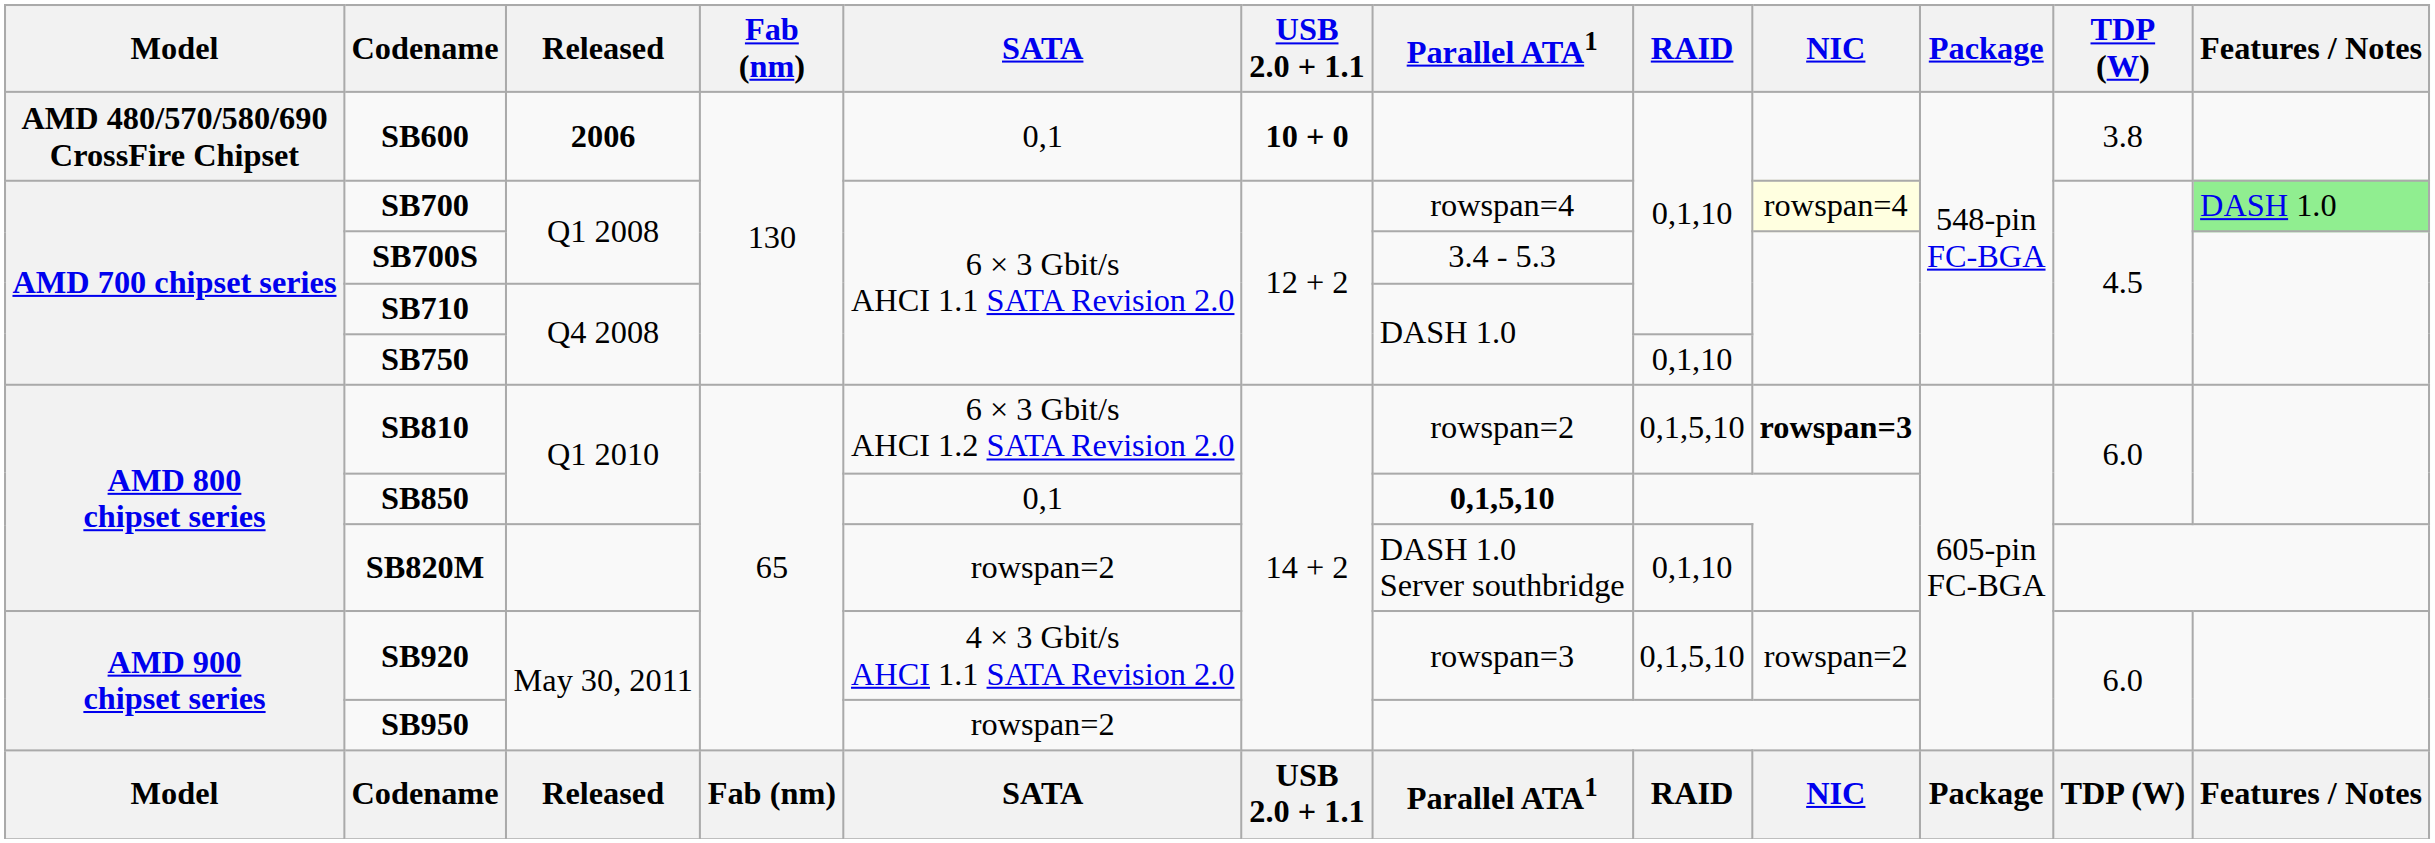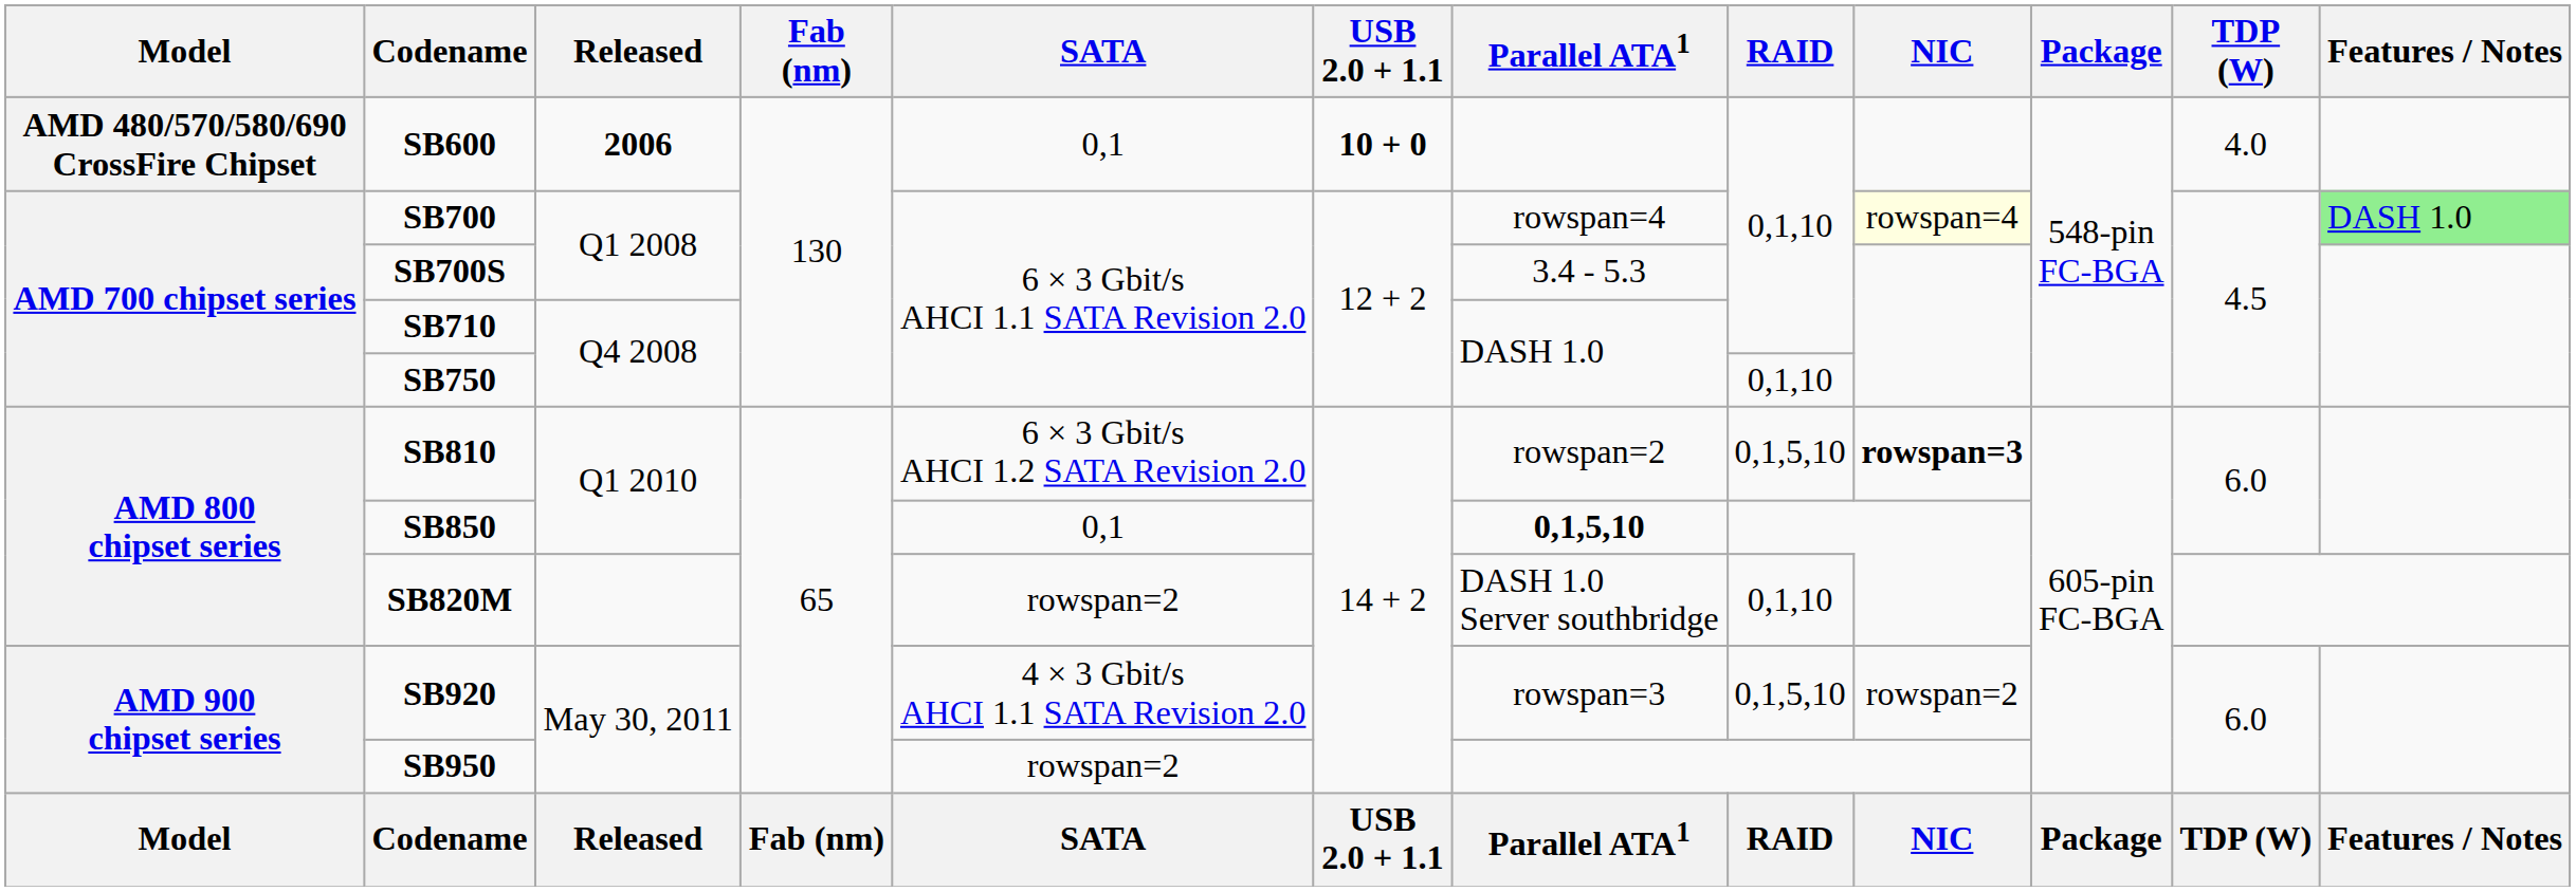 <table class="wikitable" style="text-align: center">
 <tr>
 <th>Model</th>
 <th>Codename</th>
 <th>Released</th>
 <th><a href='#'>Fab</a><br>(<a href='#'>nm</a>)</th>
 <th><a href='#'>SATA</a></th>
 <th><a href='#'>USB</a><br>2.0 + 1.1</th>
 <th><a href='#'>Parallel ATA</a><sup>1</sup></th>
 <th><a href='#'>RAID</a></th>
 <th><a href='#'>NIC</a></th>
 <th><a href='#'>Package</a></th>
 <th><a href='#'>TDP</a><br>(<a href='#'>W</a>)</th>
 <th>Features / Notes</th>
 </tr>
 <tr>
 <th>AMD 480/570/580/690<br> CrossFire Chipset</th>
 <td><strong>SB600</strong></td>
 <td><strong>2006</strong></td>
 <td rowspan="5">130</td>
 <td>0,1</td>
 <td><strong>10 + 0</strong></td>
 <td></td>
 <td rowspan="4">0,1,10</td>
 <td></td>
 <td rowspan="5">548-pin<br> <a href='#'>FC-BGA</a></td>
-<td>3.8</td>
+<td>4.0</td>
 <td align="left"></td>
 </tr>
 <tr>
 <th rowspan=4><a href='#'>AMD 700 chipset series</a></th>
 <td><strong>SB700</strong></td>
 <td rowspan=2>Q1 2008</td>
 <td rowspan=4>6 × 3 Gbit/s<br> AHCI 1.1 <a href='#'>SATA Revision 2.0</a></td>
 <td rowspan=4>12 + 2</td>
 <td>rowspan=4 </td>
 <td style="background: lightyellow;">rowspan=4 </td>
 <td rowspan=4>4.5</td>
 <td align="left" style="background: lightgreen;"><a href='#'>DASH</a> 1.0</td>
 </tr>
 <tr>
 <td><strong>SB700S</strong></td>
 <td>3.4 - 5.3</td>
 </tr>
 <tr>
 <td><strong>SB710</strong></td>
 <td rowspan=2>Q4 2008</td>
 <td rowspan=2 align="left">DASH 1.0</td>
 </tr>
 <tr>
 <td><strong>SB750</strong></td>
 <td>0,1,10</td>
 </tr>
 <tr>
 <th rowspan=3><a href='#'>AMD 800<br>chipset series</a></th>
 <td><strong>SB810</strong></td>
 <td rowspan=2>Q1 2010</td>
 <td rowspan="5">65</td>
 <td>6 × 3 Gbit/s<br> AHCI 1.2 <a href='#'>SATA Revision 2.0</a></td>
 <td rowspan="5">14 + 2</td>
 <td>rowspan=2 </td>
 <td>0,1,5,10</td>
 <td><strong>rowspan=3 </strong></td>
 <td rowspan="5">605-pin<br>FC-BGA</td>
 <td rowspan=2>6.0</td>
 <td rowspan=2 align="left"></td>
 </tr>
 <tr>
 <td><strong>SB850</strong></td>
 <td>0,1</td>
 <td><strong>0,1,5,10</strong></td>
 </tr>
 <tr>
 <td><strong>SB820M</strong></td>
 <td></td>
 <td>rowspan=2 </td>
 <td align="left">DASH 1.0<br>Server southbridge</td>
 <td>0,1,10</td>
 </tr>
 <tr>
 <th rowspan=2><a href='#'>AMD 900<br> chipset series</a></th>
 <td><strong>SB920</strong></td>
 <td rowspan=2>May 30, 2011</td>
 <td>4 × 3 Gbit/s<br> <a href='#'>AHCI</a> 1.1 <a href='#'>SATA Revision 2.0</a></td>
 <td>rowspan=3 </td>
 <td>0,1,5,10</td>
 <td>rowspan=2 </td>
 <td rowspan=2>6.0</td>
 <td rowspan=2 align="left"></td>
 </tr>
 <tr>
 <td><strong>SB950</strong></td>
 <td>rowspan=2 </td>
 </tr>
 <tr>
 <th>Model</th>
 <th>Codename</th>
 <th>Released</th>
 <th>Fab (nm)</th>
 <th>SATA</th>
 <th>USB<br>2.0 + 1.1</th>
 <th>Parallel ATA<sup>1</sup></th>
 <th>RAID</th>
 <th><a href='#'>NIC</a></th>
 <th>Package</th>
 <th>TDP (W)</th>
 <th>Features / Notes</th>
 </tr>
 </table>
